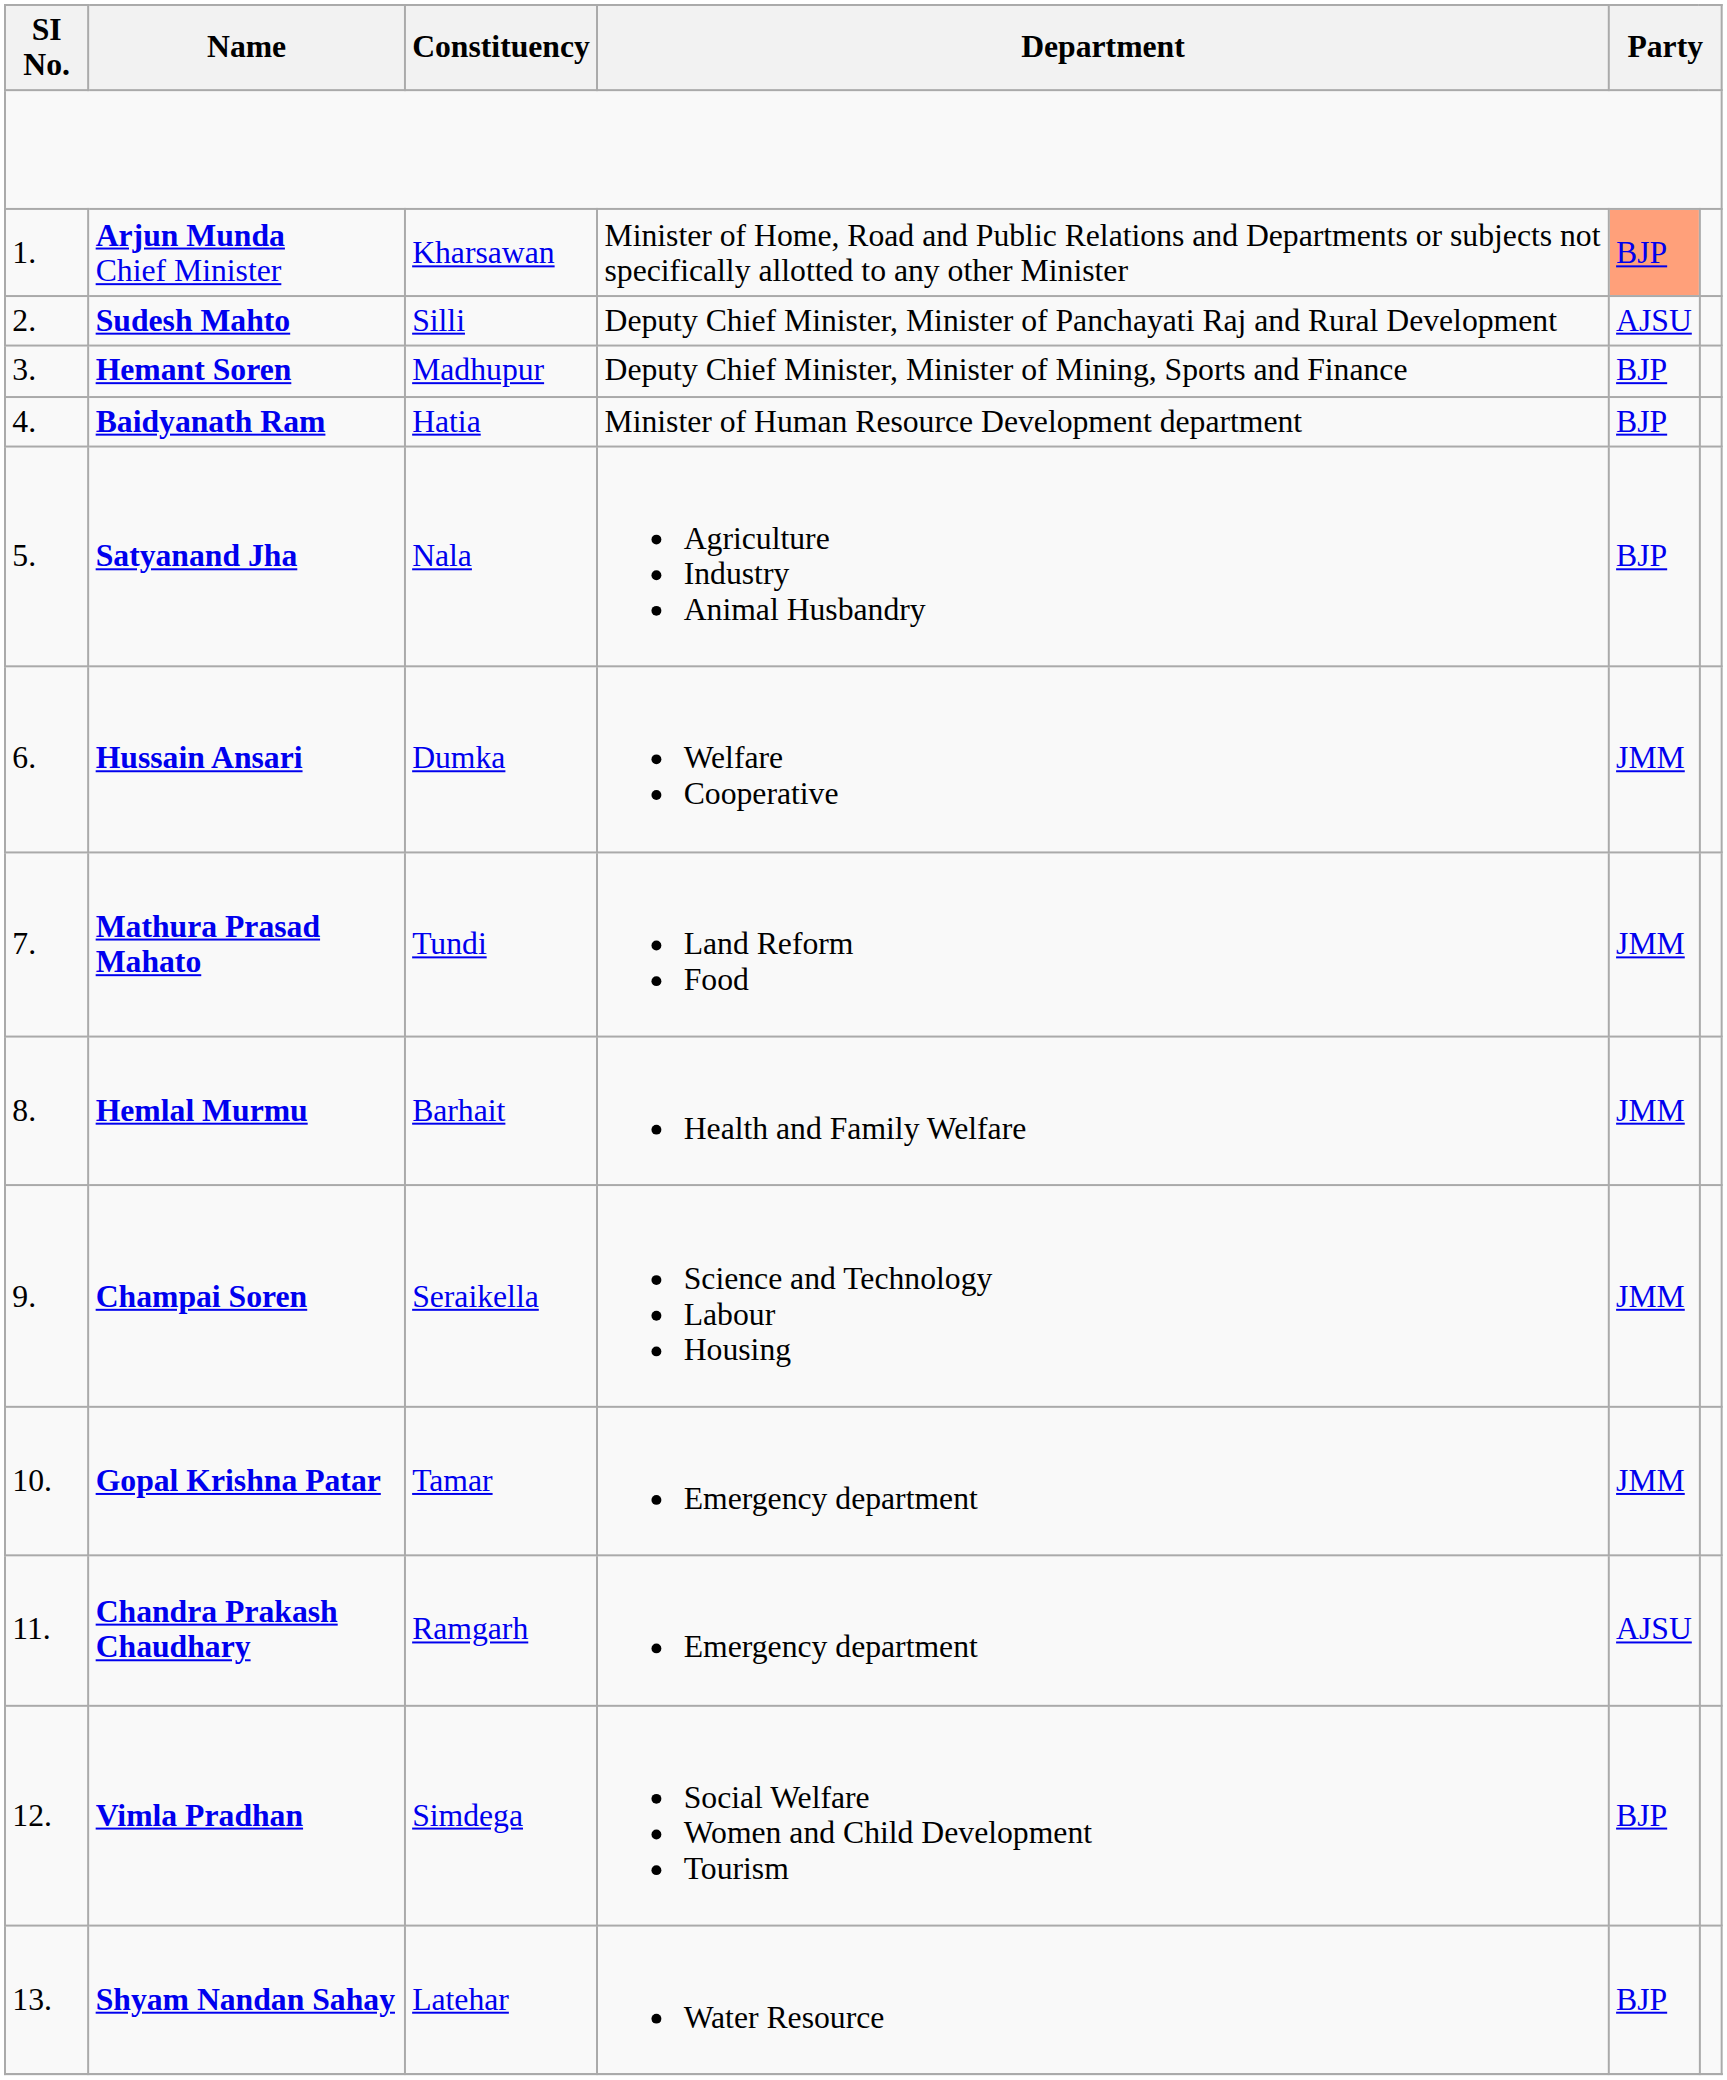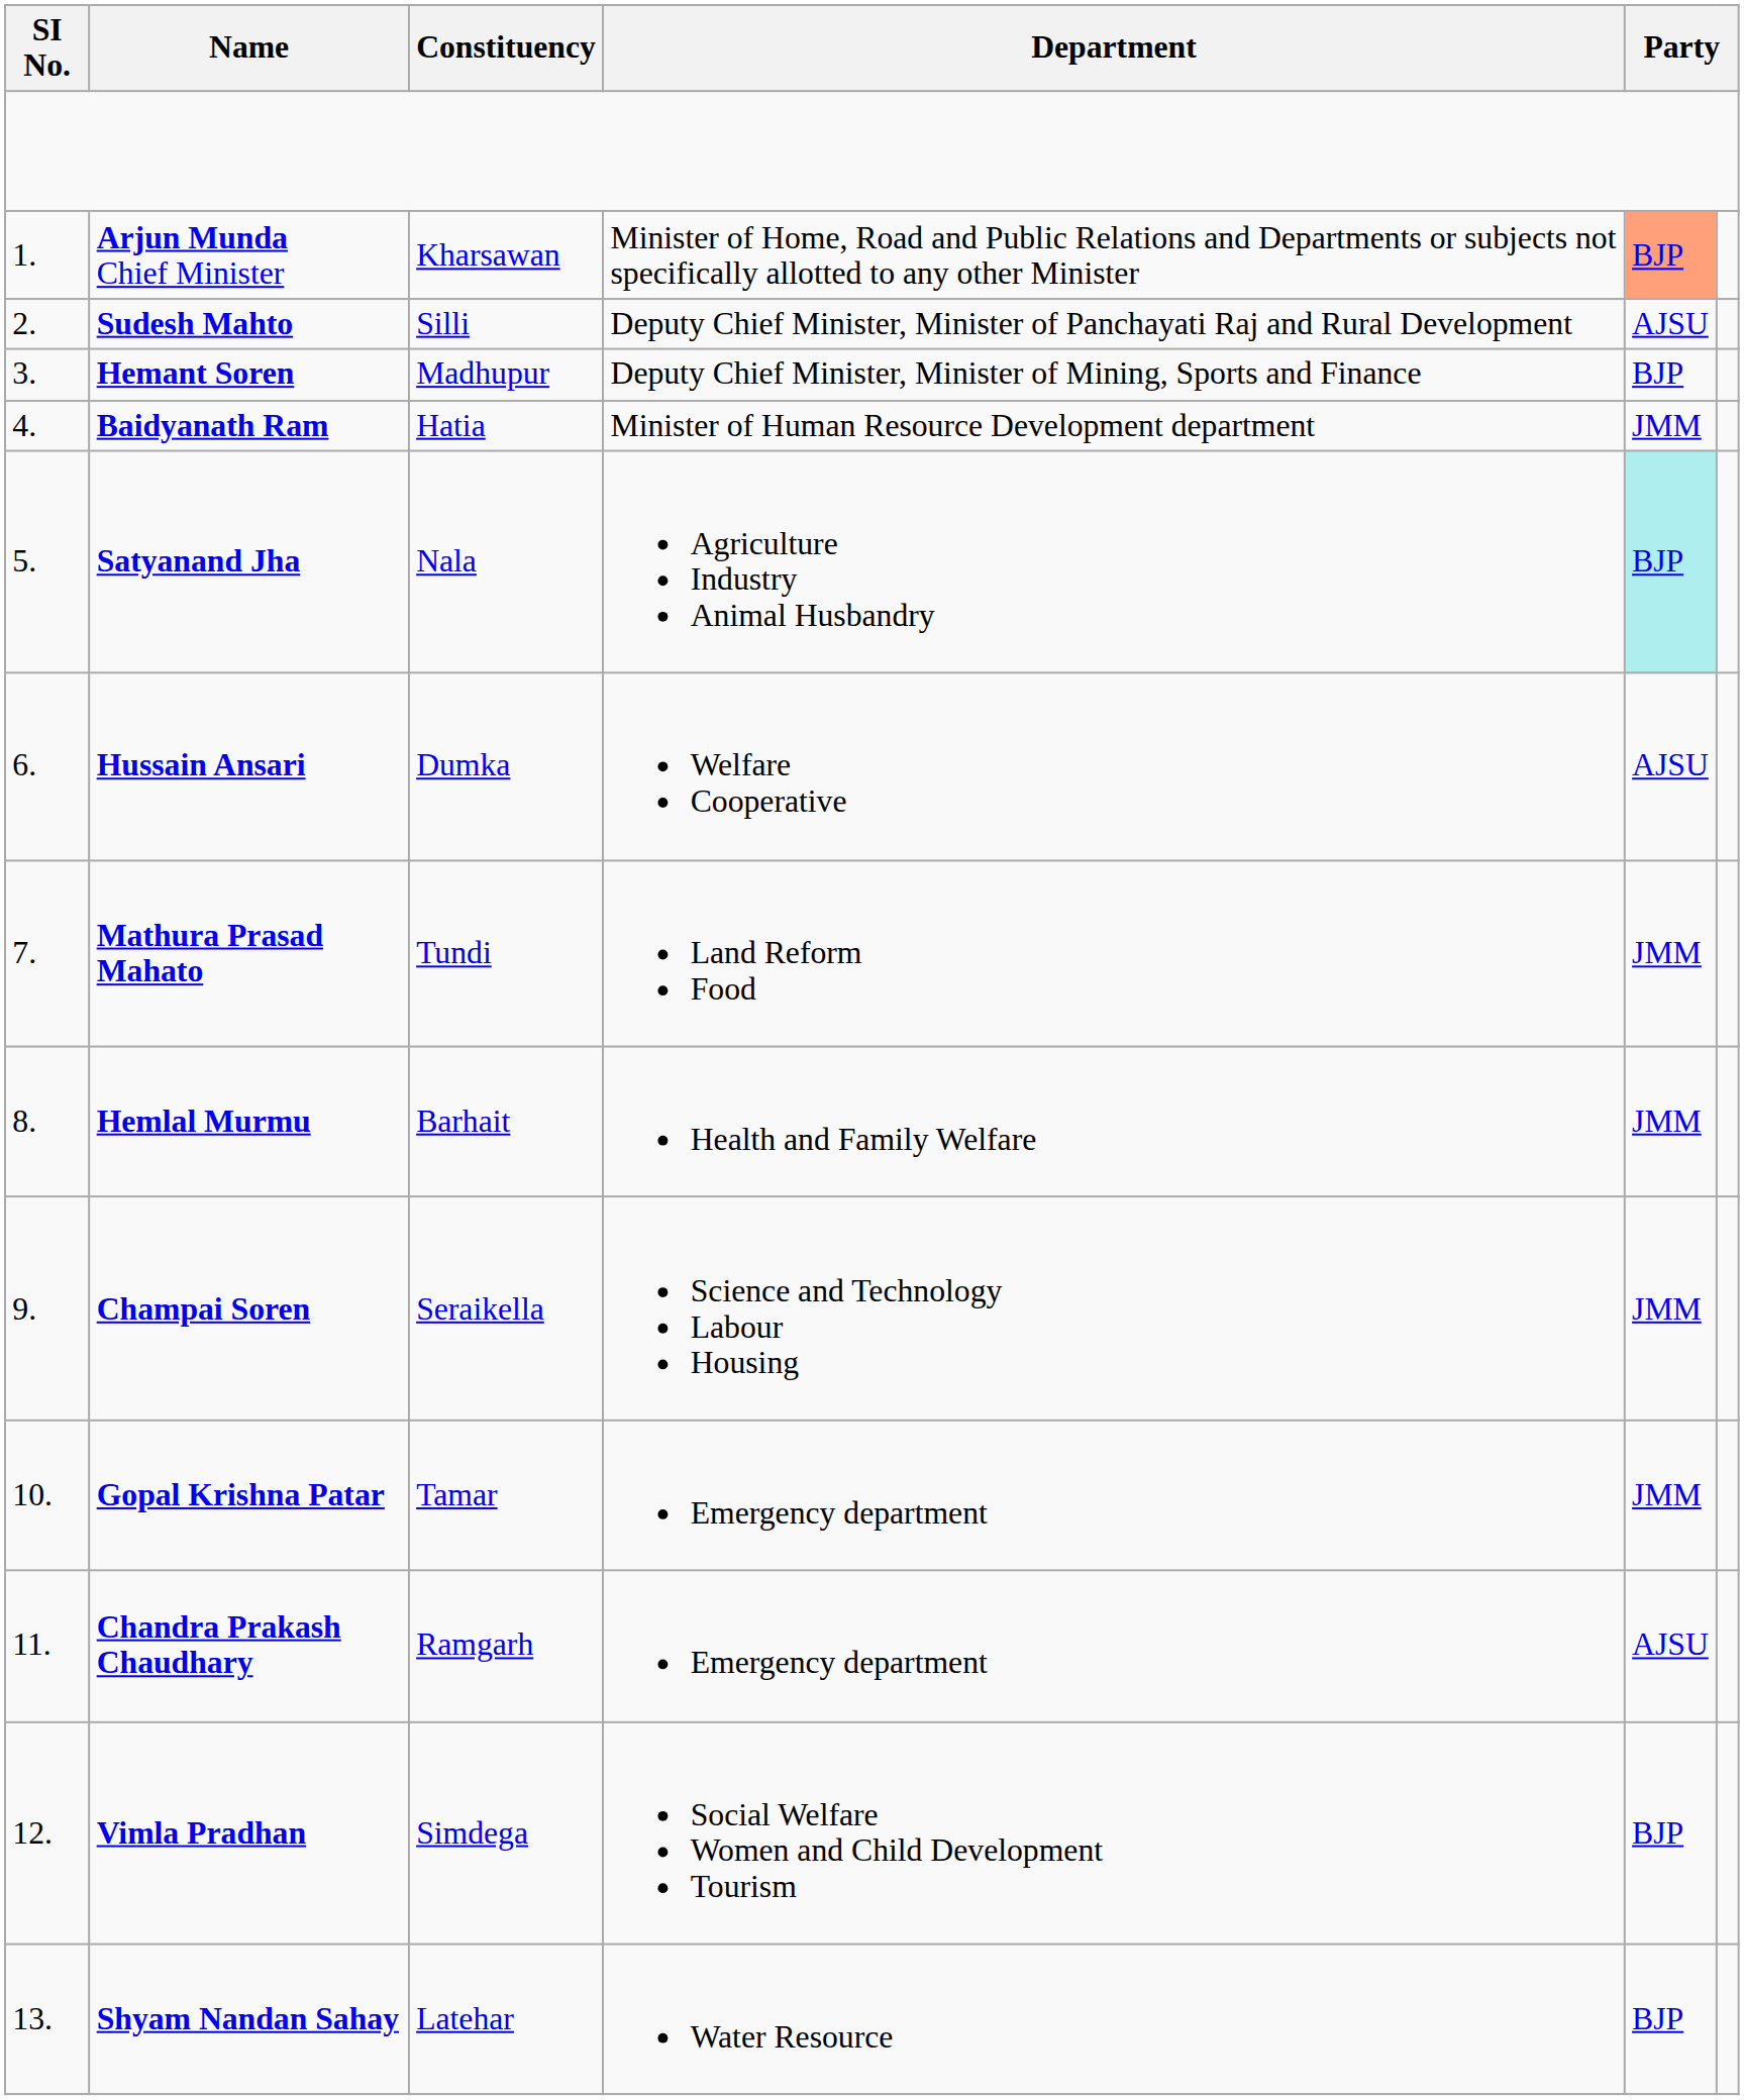 <table class="wikitable sortable">
 <tr>
 <th>SI No.</th>
 <th>Name</th>
 <th>Constituency</th>
 <th>Department</th>
 <th colspan="2" scope="col">Party</th>
 </tr>
 <tr style="text-align:center; height:60px;">
 </tr>
 <tr>
 <td>1.</td>
 <td><strong><a href='#'>Arjun Munda</a></strong><br><a href='#'>Chief Minister</a></td>
 <td><a href='#'>Kharsawan</a></td>
 <td>Minister of Home, Road and Public Relations and Departments or subjects not specifically allotted to any other Minister</td>
 <td style="background: lightsalmon;"><a href='#'>BJP</a></td>
 <td width="4px"></td>
 </tr>
 <tr>
 <td>2.</td>
 <td><strong><a href='#'>Sudesh Mahto</a></strong></td>
 <td><a href='#'>Silli</a></td>
 <td>Deputy Chief Minister, Minister of Panchayati Raj and Rural Development</td>
 <td><a href='#'>AJSU</a></td>
 <td width="4px"></td>
 </tr>
 <tr>
 <td>3.</td>
 <td><strong><a href='#'>Hemant Soren</a></strong></td>
 <td><a href='#'>Madhupur</a></td>
 <td>Deputy Chief Minister, Minister of Mining, Sports and Finance</td>
 <td><a href='#'>BJP</a></td>
 <td width="4px"></td>
 </tr>
 <tr>
 <td>4.</td>
 <td><strong><a href='#'>Baidyanath Ram</a></strong></td>
 <td><a href='#'>Hatia</a></td>
 <td>Minister of Human Resource Development department</td>
-<td><a href='#'>BJP</a></td>
+<td><a href='#'>JMM</a></td>
 <td width="4px"></td>
 </tr>
 <tr>
 <td>5.</td>
 <td><strong><a href='#'>Satyanand Jha</a></strong></td>
 <td><a href='#'>Nala</a></td>
 <td><br><ul><li>Agriculture</li><li>Industry</li><li>Animal Husbandry</li></ul></td>
-<td><a href='#'>BJP</a></td>
+<td style="background: paleturquoise;"><a href='#'>BJP</a></td>
 <td width="4px"></td>
 </tr>
 <tr>
 <td>6.</td>
 <td><strong><a href='#'>Hussain Ansari</a></strong></td>
 <td><a href='#'>Dumka</a></td>
 <td><br><ul><li>Welfare</li><li>Cooperative</li></ul></td>
-<td><a href='#'>JMM</a></td>
+<td><a href='#'>AJSU</a></td>
 <td width="4px"></td>
 </tr>
 <tr>
 <td>7.</td>
 <td><strong><a href='#'>Mathura Prasad Mahato</a></strong></td>
 <td><a href='#'>Tundi</a></td>
 <td><br><ul><li>Land Reform</li><li>Food</li></ul></td>
 <td><a href='#'>JMM</a></td>
 <td width="4px"></td>
 </tr>
 <tr>
 <td>8.</td>
 <td><strong><a href='#'>Hemlal Murmu</a></strong></td>
 <td><a href='#'>Barhait</a></td>
 <td><br><ul><li>Health and Family Welfare</li></ul></td>
 <td><a href='#'>JMM</a></td>
 <td width="4px"></td>
 </tr>
 <tr>
 <td>9.</td>
 <td><strong><a href='#'>Champai Soren</a></strong></td>
 <td><a href='#'>Seraikella</a></td>
 <td><br><ul><li>Science and Technology</li><li>Labour</li><li>Housing</li></ul></td>
 <td><a href='#'>JMM</a></td>
 <td width="4px"></td>
 </tr>
 <tr>
 <td>10.</td>
 <td><strong><a href='#'>Gopal Krishna Patar</a></strong></td>
 <td><a href='#'>Tamar</a></td>
 <td><br><ul><li>Emergency department</li></ul></td>
 <td><a href='#'>JMM</a></td>
 <td width="4px"></td>
 </tr>
 <tr>
 <td>11.</td>
 <td><strong><a href='#'>Chandra Prakash Chaudhary</a></strong></td>
 <td><a href='#'>Ramgarh</a></td>
 <td><br><ul><li>Emergency department</li></ul></td>
 <td><a href='#'>AJSU</a></td>
 <td width="4px"></td>
 </tr>
 <tr>
 <td>12.</td>
 <td><strong><a href='#'>Vimla Pradhan</a></strong></td>
 <td><a href='#'>Simdega</a></td>
 <td><br><ul><li>Social Welfare</li><li>Women and Child Development</li><li>Tourism</li></ul></td>
 <td><a href='#'>BJP</a></td>
 <td width="4px"></td>
 </tr>
 <tr>
 <td>13.</td>
 <td><strong><a href='#'>Shyam Nandan Sahay</a></strong></td>
 <td><a href='#'>Latehar</a></td>
 <td><br><ul><li>Water Resource</li></ul></td>
 <td><a href='#'>BJP</a></td>
 <td width="4px"></td>
 </tr>
 <tr>
 </tr>
 </table>
